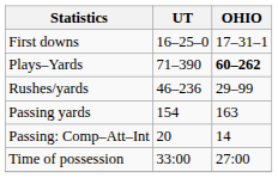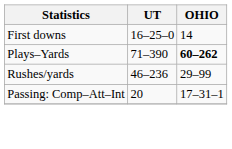 <table class="wikitable" style="float: left;">
 <tr>
 <th>Statistics</th>
 <th>UT</th>
 <th>OHIO</th>
 </tr>
 <tr>
 <td>First downs</td>
 <td>16–25–0</td>
-<td>17–31–1</td>
+<td>14</td>
 </tr>
 <tr>
 <td>Plays–Yards</td>
 <td>71–390</td>
 <td><strong>60–262</strong></td>
 </tr>
 <tr>
 <td>Rushes/yards</td>
 <td>46–236</td>
 <td>29–99</td>
 </tr>
 <tr>
-<td>Passing yards</td>
-<td>154</td>
-<td>163</td>
-</tr>
-<tr>
 <td>Passing: Comp–Att–Int</td>
 <td>20</td>
-<td>14</td>
-</tr>
-<tr>
-<td>Time of possession</td>
-<td>33:00</td>
-<td>27:00</td>
+<td>17–31–1</td>
 </tr>
 <tr>
 </tr>
 </table>
